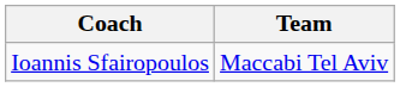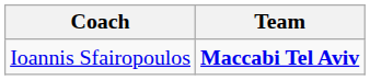 <table class="wikitable">
 <tr>
 <th align="center">Coach</th>
 <th align="center">Team</th>
 </tr>
 <tr>
 <td> <a href='#'>Ioannis Sfairopoulos</a></td>
-<td><a href='#'>Maccabi Tel Aviv</a></td>
+<td><strong><a href='#'>Maccabi Tel Aviv</a></strong></td>
 </tr>
 </table>
